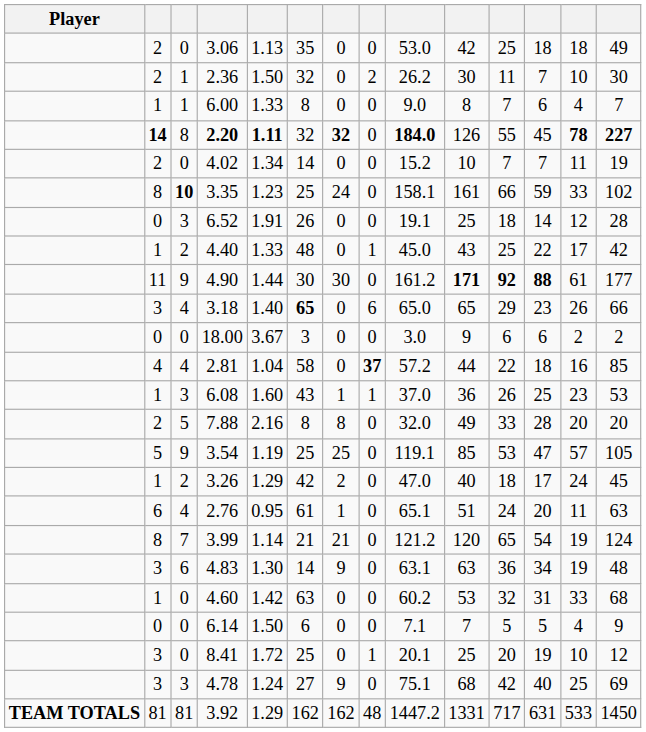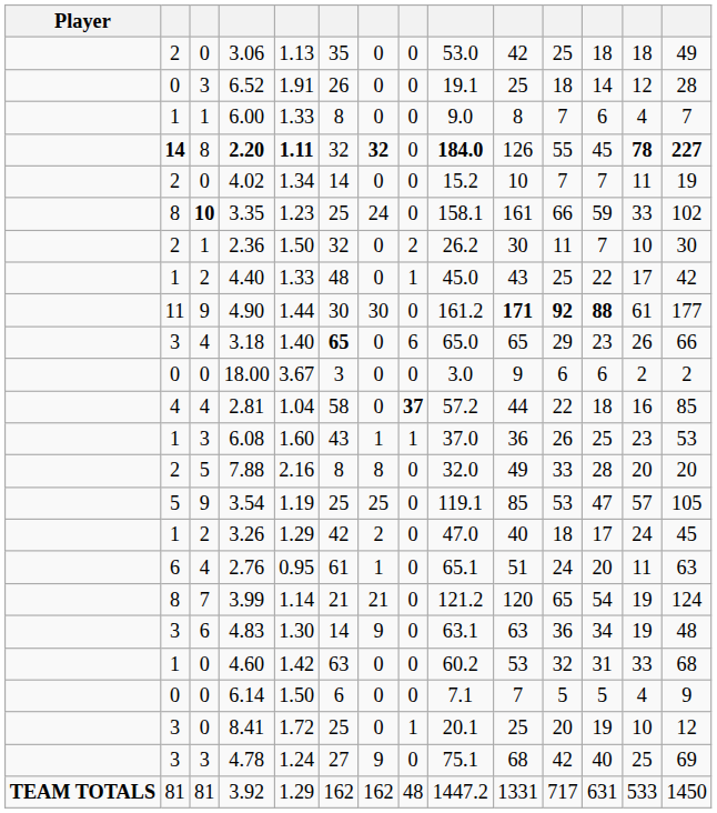 <table class="wikitable sortable" style="text-align:center;">
 <tr>
 <th>Player</th>
 <th></th>
 <th></th>
 <th></th>
 <th></th>
 <th></th>
 <th></th>
 <th></th>
 <th></th>
 <th></th>
 <th></th>
 <th></th>
 <th></th>
 <th></th>
 </tr>
 <tr>
 <td align=left></td>
 <td>2</td>
 <td>0</td>
 <td>3.06</td>
 <td>1.13</td>
 <td>35</td>
 <td>0</td>
 <td>0</td>
 <td>53.0</td>
 <td>42</td>
 <td>25</td>
 <td>18</td>
 <td>18</td>
 <td>49</td>
 </tr>
 <tr>
 <td align=left></td>
-<td>2</td>
-<td>1</td>
-<td>2.36</td>
-<td>1.50</td>
-<td>32</td>
 <td>0</td>
-<td>2</td>
-<td>26.2</td>
-<td>30</td>
-<td>11</td>
-<td>7</td>
-<td>10</td>
-<td>30</td>
+<td>3</td>
+<td>6.52</td>
+<td>1.91</td>
+<td>26</td>
+<td>0</td>
+<td>0</td>
+<td>19.1</td>
+<td>25</td>
+<td>18</td>
+<td>14</td>
+<td>12</td>
+<td>28</td>
 </tr>
 <tr>
 <td align=left></td>
 <td>1</td>
 <td>1</td>
 <td>6.00</td>
 <td>1.33</td>
 <td>8</td>
 <td>0</td>
 <td>0</td>
 <td>9.0</td>
 <td>8</td>
 <td>7</td>
 <td>6</td>
 <td>4</td>
 <td>7</td>
 </tr>
 <tr>
 <td align=left></td>
 <td><strong>14</strong></td>
 <td>8</td>
 <td><strong>2.20</strong></td>
 <td><strong>1.11</strong></td>
 <td>32</td>
 <td><strong>32</strong></td>
 <td>0</td>
 <td><strong>184.0</strong></td>
 <td>126</td>
 <td>55</td>
 <td>45</td>
 <td><strong>78</strong></td>
 <td><strong>227</strong></td>
 </tr>
 <tr>
 <td align=left></td>
 <td>2</td>
 <td>0</td>
 <td>4.02</td>
 <td>1.34</td>
 <td>14</td>
 <td>0</td>
 <td>0</td>
 <td>15.2</td>
 <td>10</td>
 <td>7</td>
 <td>7</td>
 <td>11</td>
 <td>19</td>
 </tr>
 <tr>
 <td align=left></td>
 <td>8</td>
 <td><strong>10</strong></td>
 <td>3.35</td>
 <td>1.23</td>
 <td>25</td>
 <td>24</td>
 <td>0</td>
 <td>158.1</td>
 <td>161</td>
 <td>66</td>
 <td>59</td>
 <td>33</td>
 <td>102</td>
 </tr>
 <tr>
 <td align=left></td>
+<td>2</td>
+<td>1</td>
+<td>2.36</td>
+<td>1.50</td>
+<td>32</td>
 <td>0</td>
-<td>3</td>
-<td>6.52</td>
-<td>1.91</td>
-<td>26</td>
-<td>0</td>
-<td>0</td>
-<td>19.1</td>
-<td>25</td>
-<td>18</td>
-<td>14</td>
-<td>12</td>
-<td>28</td>
+<td>2</td>
+<td>26.2</td>
+<td>30</td>
+<td>11</td>
+<td>7</td>
+<td>10</td>
+<td>30</td>
 </tr>
 <tr>
 <td align=left></td>
 <td>1</td>
 <td>2</td>
 <td>4.40</td>
 <td>1.33</td>
 <td>48</td>
 <td>0</td>
 <td>1</td>
 <td>45.0</td>
 <td>43</td>
 <td>25</td>
 <td>22</td>
 <td>17</td>
 <td>42</td>
 </tr>
 <tr>
 <td align=left></td>
 <td>11</td>
 <td>9</td>
 <td>4.90</td>
 <td>1.44</td>
 <td>30</td>
 <td>30</td>
 <td>0</td>
 <td>161.2</td>
 <td><strong>171</strong></td>
 <td><strong>92</strong></td>
 <td><strong>88</strong></td>
 <td>61</td>
 <td>177</td>
 </tr>
 <tr>
 <td align=left></td>
 <td>3</td>
 <td>4</td>
 <td>3.18</td>
 <td>1.40</td>
 <td><strong>65</strong></td>
 <td>0</td>
 <td>6</td>
 <td>65.0</td>
 <td>65</td>
 <td>29</td>
 <td>23</td>
 <td>26</td>
 <td>66</td>
 </tr>
 <tr>
 <td align=left></td>
 <td>0</td>
 <td>0</td>
 <td>18.00</td>
 <td>3.67</td>
 <td>3</td>
 <td>0</td>
 <td>0</td>
 <td>3.0</td>
 <td>9</td>
 <td>6</td>
 <td>6</td>
 <td>2</td>
 <td>2</td>
 </tr>
 <tr>
 <td align=left></td>
 <td>4</td>
 <td>4</td>
 <td>2.81</td>
 <td>1.04</td>
 <td>58</td>
 <td>0</td>
 <td><strong>37</strong></td>
 <td>57.2</td>
 <td>44</td>
 <td>22</td>
 <td>18</td>
 <td>16</td>
 <td>85</td>
 </tr>
 <tr>
 <td align=left></td>
 <td>1</td>
 <td>3</td>
 <td>6.08</td>
 <td>1.60</td>
 <td>43</td>
 <td>1</td>
 <td>1</td>
 <td>37.0</td>
 <td>36</td>
 <td>26</td>
 <td>25</td>
 <td>23</td>
 <td>53</td>
 </tr>
 <tr>
 <td align=left></td>
 <td>2</td>
 <td>5</td>
 <td>7.88</td>
 <td>2.16</td>
 <td>8</td>
 <td>8</td>
 <td>0</td>
 <td>32.0</td>
 <td>49</td>
 <td>33</td>
 <td>28</td>
 <td>20</td>
 <td>20</td>
 </tr>
 <tr>
 <td align=left></td>
 <td>5</td>
 <td>9</td>
 <td>3.54</td>
 <td>1.19</td>
 <td>25</td>
 <td>25</td>
 <td>0</td>
 <td>119.1</td>
 <td>85</td>
 <td>53</td>
 <td>47</td>
 <td>57</td>
 <td>105</td>
 </tr>
 <tr>
 <td align=left></td>
 <td>1</td>
 <td>2</td>
 <td>3.26</td>
 <td>1.29</td>
 <td>42</td>
 <td>2</td>
 <td>0</td>
 <td>47.0</td>
 <td>40</td>
 <td>18</td>
 <td>17</td>
 <td>24</td>
 <td>45</td>
 </tr>
 <tr>
 <td align=left></td>
 <td>6</td>
 <td>4</td>
 <td>2.76</td>
 <td>0.95</td>
 <td>61</td>
 <td>1</td>
 <td>0</td>
 <td>65.1</td>
 <td>51</td>
 <td>24</td>
 <td>20</td>
 <td>11</td>
 <td>63</td>
 </tr>
 <tr>
 <td align=left></td>
 <td>8</td>
 <td>7</td>
 <td>3.99</td>
 <td>1.14</td>
 <td>21</td>
 <td>21</td>
 <td>0</td>
 <td>121.2</td>
 <td>120</td>
 <td>65</td>
 <td>54</td>
 <td>19</td>
 <td>124</td>
 </tr>
 <tr>
 <td align=left></td>
 <td>3</td>
 <td>6</td>
 <td>4.83</td>
 <td>1.30</td>
 <td>14</td>
 <td>9</td>
 <td>0</td>
 <td>63.1</td>
 <td>63</td>
 <td>36</td>
 <td>34</td>
 <td>19</td>
 <td>48</td>
 </tr>
 <tr>
 <td align=left></td>
 <td>1</td>
 <td>0</td>
 <td>4.60</td>
 <td>1.42</td>
 <td>63</td>
 <td>0</td>
 <td>0</td>
 <td>60.2</td>
 <td>53</td>
 <td>32</td>
 <td>31</td>
 <td>33</td>
 <td>68</td>
 </tr>
 <tr>
 <td align=left></td>
 <td>0</td>
 <td>0</td>
 <td>6.14</td>
 <td>1.50</td>
 <td>6</td>
 <td>0</td>
 <td>0</td>
 <td>7.1</td>
 <td>7</td>
 <td>5</td>
 <td>5</td>
 <td>4</td>
 <td>9</td>
 </tr>
 <tr>
 <td align=left></td>
 <td>3</td>
 <td>0</td>
 <td>8.41</td>
 <td>1.72</td>
 <td>25</td>
 <td>0</td>
 <td>1</td>
 <td>20.1</td>
 <td>25</td>
 <td>20</td>
 <td>19</td>
 <td>10</td>
 <td>12</td>
 </tr>
 <tr>
 <td align=left></td>
 <td>3</td>
 <td>3</td>
 <td>4.78</td>
 <td>1.24</td>
 <td>27</td>
 <td>9</td>
 <td>0</td>
 <td>75.1</td>
 <td>68</td>
 <td>42</td>
 <td>40</td>
 <td>25</td>
 <td>69</td>
 </tr>
 <tr class="sortbottom">
 <td align="left"><strong>TEAM TOTALS</strong></td>
 <td>81</td>
 <td>81</td>
 <td>3.92</td>
 <td>1.29</td>
 <td>162</td>
 <td>162</td>
 <td>48</td>
 <td>1447.2</td>
 <td>1331</td>
 <td>717</td>
 <td>631</td>
 <td>533</td>
 <td>1450</td>
 </tr>
 </table>
